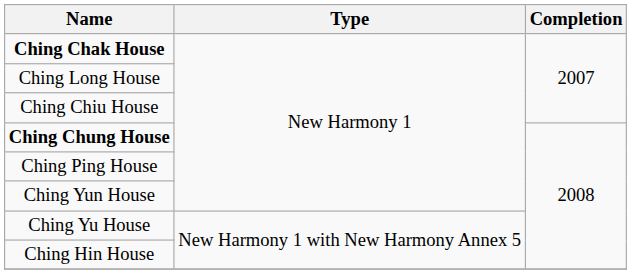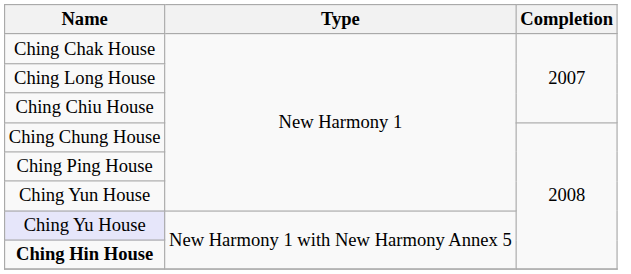 <table class="wikitable" style="text-align: center">
 <tr>
 <th>Name</th>
 <th>Type</th>
 <th>Completion</th>
 </tr>
 <tr>
-<td><strong>Ching Chak House</strong></td>
+<td>Ching Chak House</td>
 <td rowspan="6">New Harmony 1</td>
 <td rowspan="3">2007</td>
 </tr>
 <tr>
 <td>Ching Long House</td>
 </tr>
 <tr>
 <td>Ching Chiu House</td>
 </tr>
 <tr>
-<td><strong>Ching Chung House</strong></td>
+<td>Ching Chung House</td>
 <td rowspan="5">2008</td>
 </tr>
 <tr>
 <td>Ching Ping House</td>
 </tr>
 <tr>
 <td>Ching Yun House</td>
 </tr>
 <tr>
-<td>Ching Yu House</td>
+<td style="background: lavender;">Ching Yu House</td>
 <td rowspan="2">New Harmony 1 with New Harmony Annex 5</td>
 </tr>
 <tr>
-<td>Ching Hin House</td>
+<td><strong>Ching Hin House</strong></td>
 </tr>
 <tr>
 </tr>
 </table>
